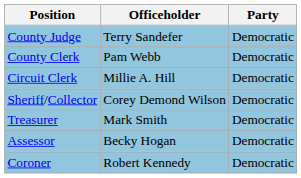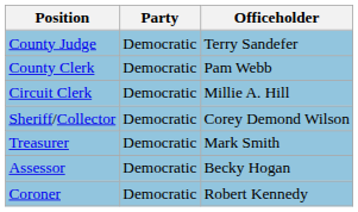 <table class="wikitable">
 <tr>
 <th>Position</th>
+<th>Party</th>
 <th>Officeholder</th>
-<th>Party</th>
 </tr>
 <tr style="background-color: #92C5DE;">
 <td><a href='#'>County Judge</a></td>
+<td>Democratic</td>
 <td>Terry Sandefer</td>
-<td>Democratic</td>
 </tr>
 <tr style="background-color: #92C5DE;">
 <td><a href='#'>County Clerk</a></td>
+<td>Democratic</td>
 <td>Pam Webb</td>
-<td>Democratic</td>
 </tr>
 <tr style="background-color: #92C5DE;">
 <td><a href='#'>Circuit Clerk</a></td>
+<td>Democratic</td>
 <td>Millie A. Hill</td>
-<td>Democratic</td>
 </tr>
 <tr style="background-color: #92C5DE;">
 <td><a href='#'>Sheriff</a>/<a href='#'>Collector</a></td>
+<td>Democratic</td>
 <td>Corey Demond Wilson</td>
-<td>Democratic</td>
 </tr>
 <tr style="background-color: #92C5DE;">
 <td><a href='#'>Treasurer</a></td>
+<td>Democratic</td>
 <td>Mark Smith</td>
-<td>Democratic</td>
 </tr>
 <tr style="background-color: #92C5DE;">
 <td><a href='#'>Assessor</a></td>
+<td>Democratic</td>
 <td>Becky Hogan</td>
-<td>Democratic</td>
 </tr>
 <tr style="background-color: #92C5DE;">
 <td><a href='#'>Coroner</a></td>
+<td>Democratic</td>
 <td>Robert Kennedy</td>
-<td>Democratic</td>
 </tr>
 </table>
